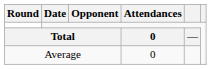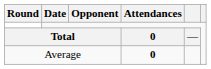 <table class="wikitable sortable mw-collapsible mw-collapsed" style="text-align:center; font-size:85%;">
 <tr>
 <th scope="col">Round</th>
 <th scope="col">Date</th>
 <th scope="col">Opponent</th>
 <th scope="col">Attendances</th>
 <th scope="col"></th>
 <th scope="col"></th>
 </tr>
 <tr bgcolor="white">
 <td></td>
 </tr>
 <tr>
 <th colspan="3">Total</th>
 <th>0</th>
 <th>—</th>
 </tr>
 <tr>
 <td colspan="3">Average</td>
-<td>0</td>
+<td><strong>0</strong></td>
 <td></td>
 </tr>
 </table>
